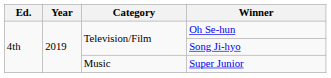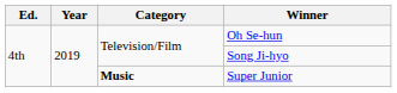 <table class="wikitable">
 <tr align=center>
 <th style="width:50px">Ed.</th>
 <th style="width:50px">Year</th>
 <th style="width:150px">Category</th>
 <th style="width:200px">Winner</th>
 </tr>
 <tr>
 <td rowspan="3">4th</td>
 <td rowspan="3">2019</td>
 <td rowspan="2">Television/Film</td>
 <td><a href='#'>Oh Se-hun</a></td>
 </tr>
 <tr>
 <td><a href='#'>Song Ji-hyo</a></td>
 </tr>
 <tr>
-<td>Music</td>
+<td><strong>Music</strong></td>
 <td><a href='#'>Super Junior</a></td>
 </tr>
 </table>
